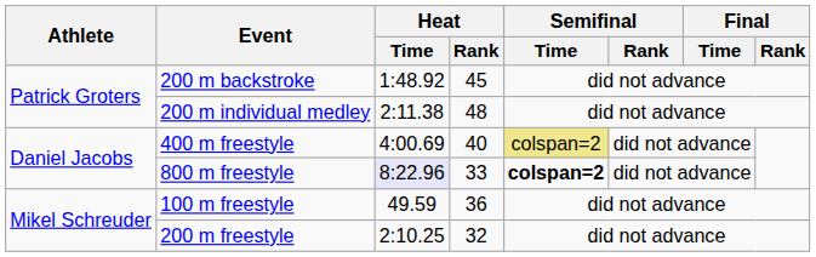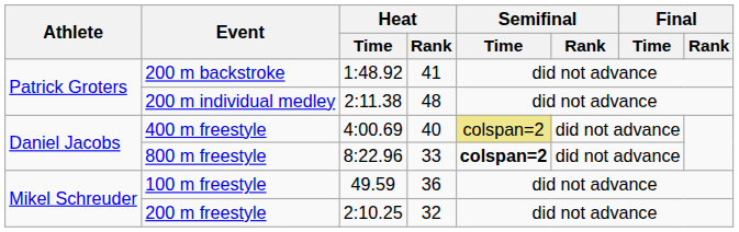 <table class="wikitable" style="text-align:center; font-size:90%">
 <tr>
 <th rowspan="2">Athlete</th>
 <th rowspan="2">Event</th>
 <th colspan="2">Heat</th>
 <th colspan="2">Semifinal</th>
 <th colspan="2">Final</th>
 </tr>
 <tr style="font-size:95%">
 <th>Time</th>
 <th>Rank</th>
 <th>Time</th>
 <th>Rank</th>
 <th>Time</th>
 <th>Rank</th>
 </tr>
 <tr>
 <td align=left rowspan=2><a href='#'>Patrick Groters</a></td>
 <td align=left><a href='#'>200 m backstroke</a></td>
 <td>1:48.92</td>
-<td>45</td>
+<td>41</td>
 <td colspan=4>did not advance</td>
 </tr>
 <tr>
 <td align=left><a href='#'>200 m individual medley</a></td>
 <td>2:11.38</td>
 <td>48</td>
 <td colspan=4>did not advance</td>
 </tr>
 <tr>
 <td align=left rowspan=2><a href='#'>Daniel Jacobs</a></td>
 <td align=left><a href='#'>400 m freestyle</a></td>
 <td>4:00.69</td>
 <td>40</td>
 <td style="background: khaki;">colspan=2</td>
 <td colspan=2>did not advance</td>
 </tr>
 <tr>
 <td align=left><a href='#'>800 m freestyle</a></td>
-<td style="background: lavender;">8:22.96</td>
+<td>8:22.96</td>
 <td>33</td>
 <td><strong>colspan=2</strong></td>
 <td colspan=2>did not advance</td>
 </tr>
 <tr>
 <td align=left rowspan=2><a href='#'>Mikel Schreuder</a></td>
 <td align=left><a href='#'>100 m freestyle</a></td>
 <td>49.59</td>
 <td>36</td>
 <td colspan=4>did not advance</td>
 </tr>
 <tr>
 <td align=left><a href='#'>200 m freestyle</a></td>
 <td>2:10.25</td>
 <td>32</td>
 <td colspan=4>did not advance</td>
 </tr>
 </table>
